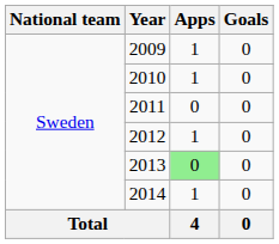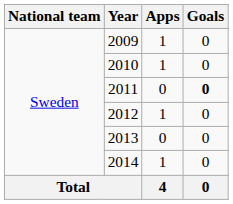 <table class="wikitable" style="text-align:center">
 <tr>
 <th>National team</th>
 <th>Year</th>
 <th>Apps</th>
 <th>Goals</th>
 </tr>
 <tr>
 <td rowspan="6"><a href='#'>Sweden</a></td>
 <td>2009</td>
 <td>1</td>
 <td>0</td>
 </tr>
 <tr>
 <td>2010</td>
 <td>1</td>
 <td>0</td>
 </tr>
 <tr>
 <td>2011</td>
 <td>0</td>
-<td>0</td>
+<td><strong>0</strong></td>
 </tr>
 <tr>
 <td>2012</td>
 <td>1</td>
 <td>0</td>
 </tr>
 <tr>
 <td>2013</td>
-<td style="background: lightgreen;">0</td>
+<td>0</td>
 <td>0</td>
 </tr>
 <tr>
 <td>2014</td>
 <td>1</td>
 <td>0</td>
 </tr>
 <tr>
 <th colspan="2">Total</th>
 <th>4</th>
 <th>0</th>
 </tr>
 </table>
